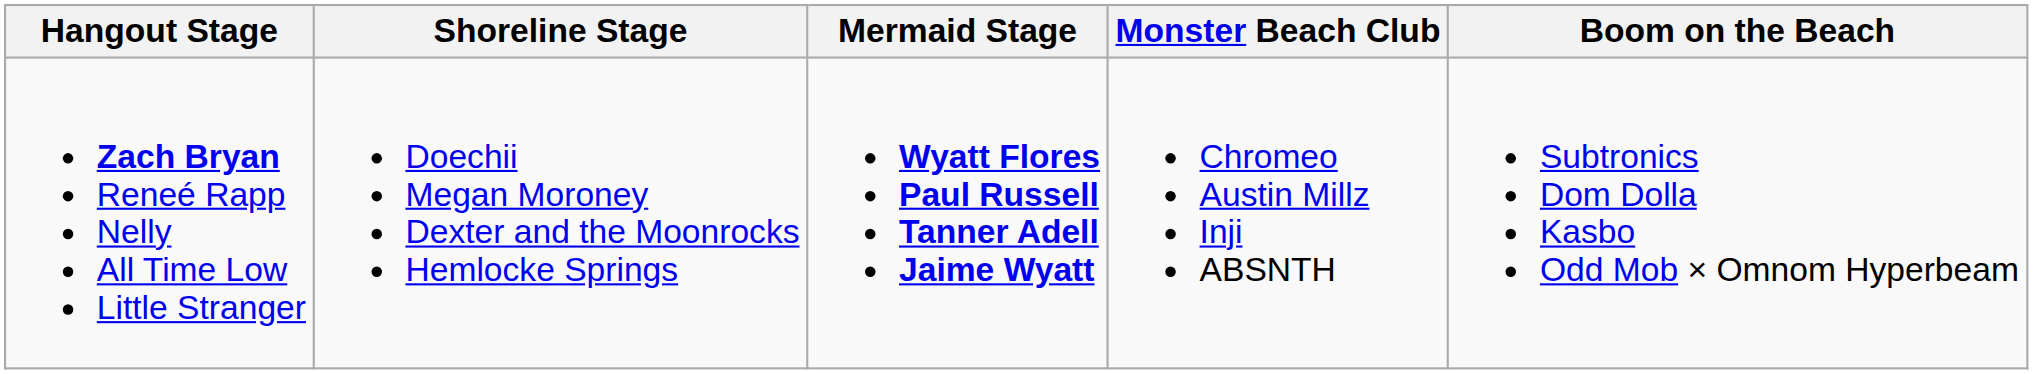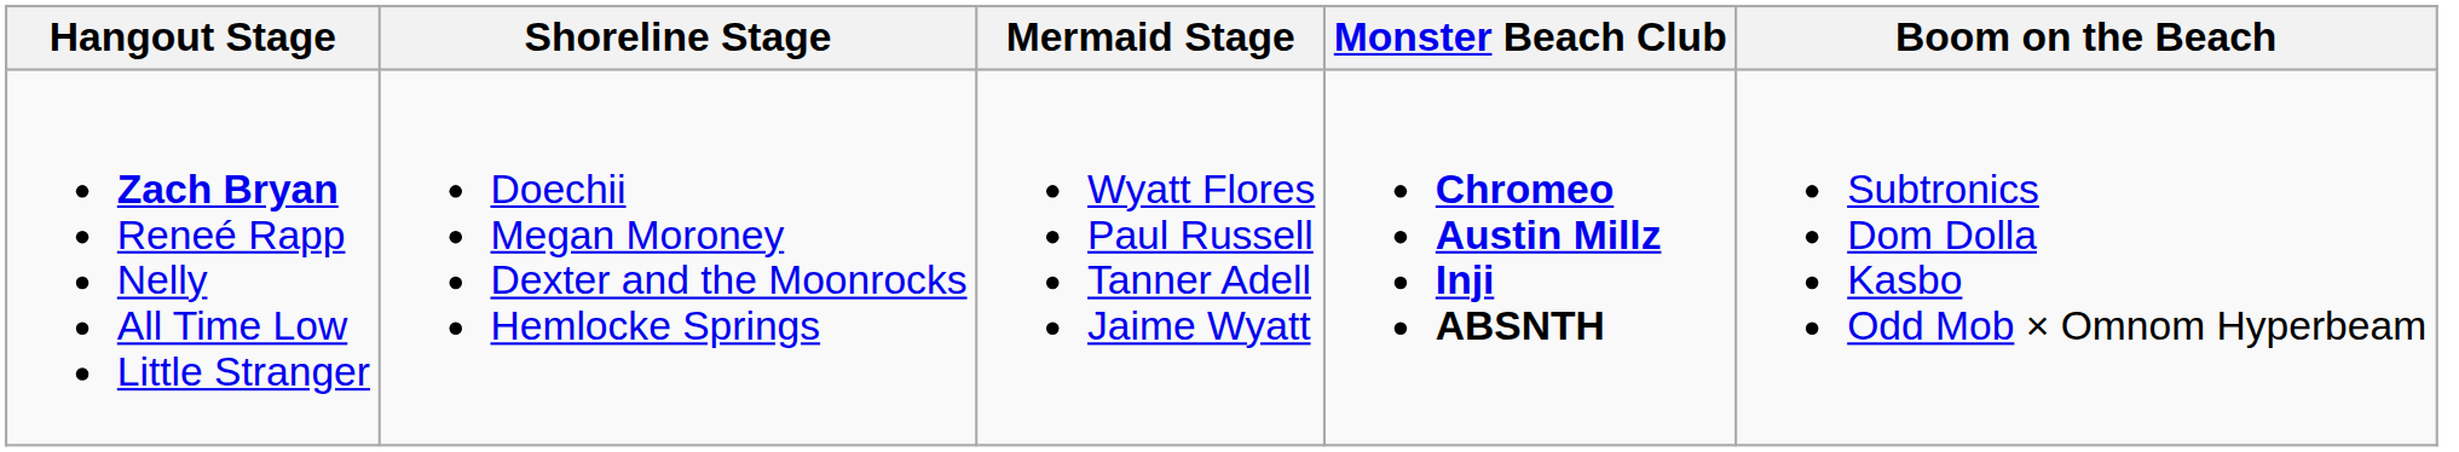 <table class="wikitable">
 <tr>
 <th>Hangout Stage</th>
 <th>Shoreline Stage</th>
 <th>Mermaid Stage</th>
 <th><a href='#'>Monster</a> Beach Club</th>
 <th>Boom on the Beach</th>
 </tr>
 <tr valign="top">
 <td><br><ul><li><strong><a href='#'>Zach Bryan</a></strong></li><li><a href='#'>Reneé Rapp</a></li><li><a href='#'>Nelly</a></li><li><a href='#'>All Time Low</a></li><li><a href='#'>Little Stranger</a></li></ul></td>
 <td><br><ul><li><a href='#'>Doechii</a></li><li><a href='#'>Megan Moroney</a></li><li><a href='#'>Dexter and the Moonrocks</a></li><li><a href='#'>Hemlocke Springs</a></li></ul></td>
-<td><strong><br><ul><li><a href='#'>Wyatt Flores</a></li><li><a href='#'>Paul Russell</a></li><li><a href='#'>Tanner Adell</a></li><li><a href='#'>Jaime Wyatt</a></li></ul></strong></td>
-<td><br><ul><li><a href='#'>Chromeo</a></li><li><a href='#'>Austin Millz</a></li><li><a href='#'>Inji</a></li><li>ABSNTH</li></ul></td>
+<td><br><ul><li><a href='#'>Wyatt Flores</a></li><li><a href='#'>Paul Russell</a></li><li><a href='#'>Tanner Adell</a></li><li><a href='#'>Jaime Wyatt</a></li></ul></td>
+<td><strong><br><ul><li><a href='#'>Chromeo</a></li><li><a href='#'>Austin Millz</a></li><li><a href='#'>Inji</a></li><li>ABSNTH</li></ul></strong></td>
 <td><br><ul><li><a href='#'>Subtronics</a></li><li><a href='#'>Dom Dolla</a></li><li><a href='#'>Kasbo</a></li><li><a href='#'>Odd Mob</a> × Omnom Hyperbeam</li></ul></td>
 </tr>
 </table>
